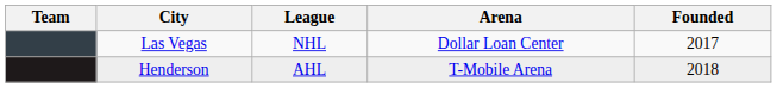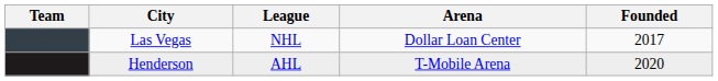 <table class="wikitable sortable" width="60%">
 <tr>
 <th>Team</th>
 <th>City</th>
 <th>League</th>
 <th>Arena</th>
 <th>Founded</th>
 </tr>
 <tr align=center>
 <td style="color:white; background:#333F48; "><strong><a href='#'></a></strong></td>
 <td><a href='#'>Las Vegas</a></td>
 <td><a href='#'>NHL</a></td>
 <td><a href='#'>Dollar Loan Center</a></td>
 <td>2017</td>
 </tr>
 <tr align=center bgcolor=eeeeee>
 <td style="color:white; background:#1e191a; "><strong><a href='#'></a></strong></td>
 <td><a href='#'>Henderson</a></td>
 <td><a href='#'>AHL</a></td>
 <td><a href='#'>T-Mobile Arena</a></td>
-<td>2018</td>
+<td>2020</td>
 </tr>
 </table>
